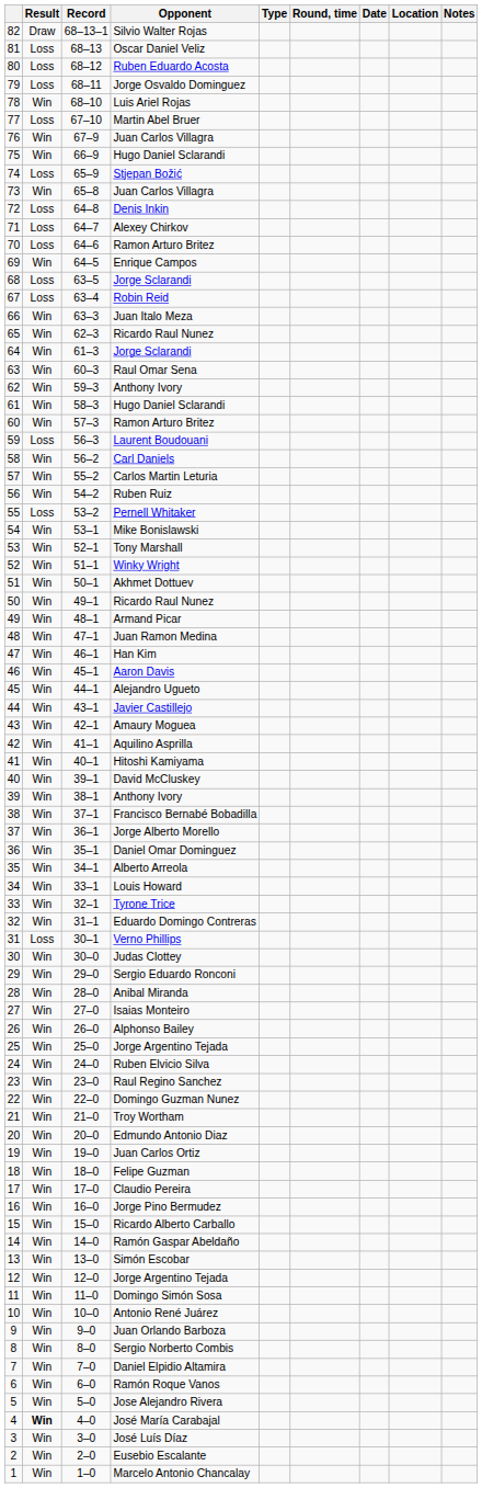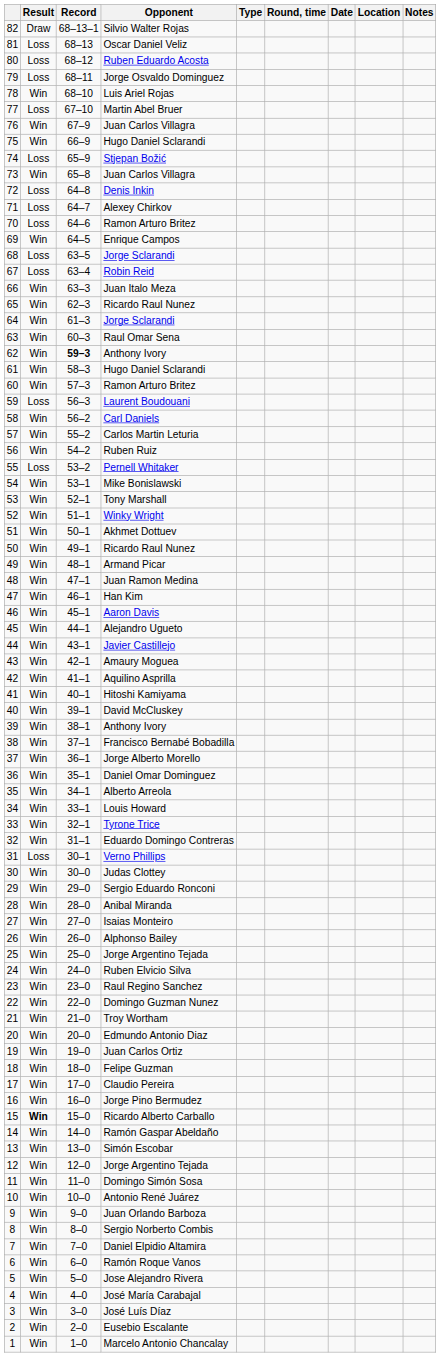 <table class=wikitable style=text-align:center>
 <tr>
 <th></th>
 <th>Result</th>
 <th>Record</th>
 <th>Opponent</th>
 <th>Type</th>
 <th>Round, time</th>
 <th>Date</th>
 <th>Location</th>
 <th>Notes</th>
 </tr>
 <tr>
 <td>82</td>
 <td>Draw</td>
 <td>68–13–1</td>
 <td align=left>Silvio Walter Rojas</td>
 <td></td>
 <td></td>
 <td></td>
 <td align=left></td>
 <td align=left></td>
 </tr>
 <tr>
 <td>81</td>
 <td>Loss</td>
 <td>68–13</td>
 <td align=left>Oscar Daniel Veliz</td>
 <td></td>
 <td></td>
 <td></td>
 <td align=left></td>
 <td align=left></td>
 </tr>
 <tr>
 <td>80</td>
 <td>Loss</td>
 <td>68–12</td>
 <td align=left><a href='#'>Ruben Eduardo Acosta</a></td>
 <td></td>
 <td></td>
 <td></td>
 <td align=left></td>
 <td align=left></td>
 </tr>
 <tr>
 <td>79</td>
 <td>Loss</td>
 <td>68–11</td>
 <td align=left>Jorge Osvaldo Dominguez</td>
 <td></td>
 <td></td>
 <td></td>
 <td align=left></td>
 <td align=left></td>
 </tr>
 <tr>
 <td>78</td>
 <td>Win</td>
 <td>68–10</td>
 <td align=left>Luis Ariel Rojas</td>
 <td></td>
 <td></td>
 <td></td>
 <td align=left></td>
 <td align=left></td>
 </tr>
 <tr>
 <td>77</td>
 <td>Loss</td>
 <td>67–10</td>
 <td align=left>Martin Abel Bruer</td>
 <td></td>
 <td></td>
 <td></td>
 <td align=left></td>
 <td align=left></td>
 </tr>
 <tr>
 <td>76</td>
 <td>Win</td>
 <td>67–9</td>
 <td align=left>Juan Carlos Villagra</td>
 <td></td>
 <td></td>
 <td></td>
 <td align=left></td>
 <td align=left></td>
 </tr>
 <tr>
 <td>75</td>
 <td>Win</td>
 <td>66–9</td>
 <td align=left>Hugo Daniel Sclarandi</td>
 <td></td>
 <td></td>
 <td></td>
 <td align=left></td>
 <td align=left></td>
 </tr>
 <tr>
 <td>74</td>
 <td>Loss</td>
 <td>65–9</td>
 <td align=left><a href='#'>Stjepan Božić</a></td>
 <td></td>
 <td></td>
 <td></td>
 <td align=left></td>
 <td align=left></td>
 </tr>
 <tr>
 <td>73</td>
 <td>Win</td>
 <td>65–8</td>
 <td align=left>Juan Carlos Villagra</td>
 <td></td>
 <td></td>
 <td></td>
 <td align=left></td>
 <td align=left></td>
 </tr>
 <tr>
 <td>72</td>
 <td>Loss</td>
 <td>64–8</td>
 <td align=left><a href='#'>Denis Inkin</a></td>
 <td></td>
 <td></td>
 <td></td>
 <td align=left></td>
 <td align=left></td>
 </tr>
 <tr>
 <td>71</td>
 <td>Loss</td>
 <td>64–7</td>
 <td align=left>Alexey Chirkov</td>
 <td></td>
 <td></td>
 <td></td>
 <td align=left></td>
 <td align=left></td>
 </tr>
 <tr>
 <td>70</td>
 <td>Loss</td>
 <td>64–6</td>
 <td align=left>Ramon Arturo Britez</td>
 <td></td>
 <td></td>
 <td></td>
 <td align=left></td>
 <td align=left></td>
 </tr>
 <tr>
 <td>69</td>
 <td>Win</td>
 <td>64–5</td>
 <td align=left>Enrique Campos</td>
 <td></td>
 <td></td>
 <td></td>
 <td align=left></td>
 <td align=left></td>
 </tr>
 <tr>
 <td>68</td>
 <td>Loss</td>
 <td>63–5</td>
 <td align=left><a href='#'>Jorge Sclarandi</a></td>
 <td></td>
 <td></td>
 <td></td>
 <td align=left></td>
 <td align=left></td>
 </tr>
 <tr>
 <td>67</td>
 <td>Loss</td>
 <td>63–4</td>
 <td align=left><a href='#'>Robin Reid</a></td>
 <td></td>
 <td></td>
 <td></td>
 <td align=left></td>
 <td align=left></td>
 </tr>
 <tr>
 <td>66</td>
 <td>Win</td>
 <td>63–3</td>
 <td align=left>Juan Italo Meza</td>
 <td></td>
 <td></td>
 <td></td>
 <td align=left></td>
 <td align=left></td>
 </tr>
 <tr>
 <td>65</td>
 <td>Win</td>
 <td>62–3</td>
 <td align=left>Ricardo Raul Nunez</td>
 <td></td>
 <td></td>
 <td></td>
 <td align=left></td>
 <td align=left></td>
 </tr>
 <tr>
 <td>64</td>
 <td>Win</td>
 <td>61–3</td>
 <td align=left><a href='#'>Jorge Sclarandi</a></td>
 <td></td>
 <td></td>
 <td></td>
 <td align=left></td>
 <td align=left></td>
 </tr>
 <tr>
 <td>63</td>
 <td>Win</td>
 <td>60–3</td>
 <td align=left>Raul Omar Sena</td>
 <td></td>
 <td></td>
 <td></td>
 <td align=left></td>
 <td align=left></td>
 </tr>
 <tr>
 <td>62</td>
 <td>Win</td>
-<td>59–3</td>
+<td><strong>59–3</strong></td>
 <td align=left>Anthony Ivory</td>
 <td></td>
 <td></td>
 <td></td>
 <td align=left></td>
 <td align=left></td>
 </tr>
 <tr>
 <td>61</td>
 <td>Win</td>
 <td>58–3</td>
 <td align=left>Hugo Daniel Sclarandi</td>
 <td></td>
 <td></td>
 <td></td>
 <td align=left></td>
 <td align=left></td>
 </tr>
 <tr>
 <td>60</td>
 <td>Win</td>
 <td>57–3</td>
 <td align=left>Ramon Arturo Britez</td>
 <td></td>
 <td></td>
 <td></td>
 <td align=left></td>
 <td align=left></td>
 </tr>
 <tr>
 <td>59</td>
 <td>Loss</td>
 <td>56–3</td>
 <td align=left><a href='#'>Laurent Boudouani</a></td>
 <td></td>
 <td></td>
 <td></td>
 <td align=left></td>
 <td align=left></td>
 </tr>
 <tr>
 <td>58</td>
 <td>Win</td>
 <td>56–2</td>
 <td align=left><a href='#'>Carl Daniels</a></td>
 <td></td>
 <td></td>
 <td></td>
 <td align=left></td>
 <td align=left></td>
 </tr>
 <tr>
 <td>57</td>
 <td>Win</td>
 <td>55–2</td>
 <td align=left>Carlos Martin Leturia</td>
 <td></td>
 <td></td>
 <td></td>
 <td align=left></td>
 <td align=left></td>
 </tr>
 <tr>
 <td>56</td>
 <td>Win</td>
 <td>54–2</td>
 <td align=left>Ruben Ruiz</td>
 <td></td>
 <td></td>
 <td></td>
 <td align=left></td>
 <td align=left></td>
 </tr>
 <tr>
 <td>55</td>
 <td>Loss</td>
 <td>53–2</td>
 <td align=left><a href='#'>Pernell Whitaker</a></td>
 <td></td>
 <td></td>
 <td></td>
 <td align=left></td>
 <td align=left></td>
 </tr>
 <tr>
 <td>54</td>
 <td>Win</td>
 <td>53–1</td>
 <td align=left>Mike Bonislawski</td>
 <td></td>
 <td></td>
 <td></td>
 <td align=left></td>
 <td align=left></td>
 </tr>
 <tr>
 <td>53</td>
 <td>Win</td>
 <td>52–1</td>
 <td align=left>Tony Marshall</td>
 <td></td>
 <td></td>
 <td></td>
 <td align=left></td>
 <td align=left></td>
 </tr>
 <tr>
 <td>52</td>
 <td>Win</td>
 <td>51–1</td>
 <td align=left><a href='#'>Winky Wright</a></td>
 <td></td>
 <td></td>
 <td></td>
 <td align=left></td>
 <td align=left></td>
 </tr>
 <tr>
 <td>51</td>
 <td>Win</td>
 <td>50–1</td>
 <td align=left>Akhmet Dottuev</td>
 <td></td>
 <td></td>
 <td></td>
 <td align=left></td>
 <td align=left></td>
 </tr>
 <tr>
 <td>50</td>
 <td>Win</td>
 <td>49–1</td>
 <td align=left>Ricardo Raul Nunez</td>
 <td></td>
 <td></td>
 <td></td>
 <td align=left></td>
 <td align=left></td>
 </tr>
 <tr>
 <td>49</td>
 <td>Win</td>
 <td>48–1</td>
 <td align=left>Armand Picar</td>
 <td></td>
 <td></td>
 <td></td>
 <td align=left></td>
 <td align=left></td>
 </tr>
 <tr>
 <td>48</td>
 <td>Win</td>
 <td>47–1</td>
 <td align=left>Juan Ramon Medina</td>
 <td></td>
 <td></td>
 <td></td>
 <td align=left></td>
 <td align=left></td>
 </tr>
 <tr>
 <td>47</td>
 <td>Win</td>
 <td>46–1</td>
 <td align=left>Han Kim</td>
 <td></td>
 <td></td>
 <td></td>
 <td align=left></td>
 <td align=left></td>
 </tr>
 <tr>
 <td>46</td>
 <td>Win</td>
 <td>45–1</td>
 <td align=left><a href='#'>Aaron Davis</a></td>
 <td></td>
 <td></td>
 <td></td>
 <td align=left></td>
 <td align=left></td>
 </tr>
 <tr>
 <td>45</td>
 <td>Win</td>
 <td>44–1</td>
 <td align=left>Alejandro Ugueto</td>
 <td></td>
 <td></td>
 <td></td>
 <td align=left></td>
 <td align=left></td>
 </tr>
 <tr>
 <td>44</td>
 <td>Win</td>
 <td>43–1</td>
 <td align=left><a href='#'>Javier Castillejo</a></td>
 <td></td>
 <td></td>
 <td></td>
 <td align=left></td>
 <td align=left></td>
 </tr>
 <tr>
 <td>43</td>
 <td>Win</td>
 <td>42–1</td>
 <td align=left>Amaury Moguea</td>
 <td></td>
 <td></td>
 <td></td>
 <td align=left></td>
 <td align=left></td>
 </tr>
 <tr>
 <td>42</td>
 <td>Win</td>
 <td>41–1</td>
 <td align=left>Aquilino Asprilla</td>
 <td></td>
 <td></td>
 <td></td>
 <td align=left></td>
 <td align=left></td>
 </tr>
 <tr>
 <td>41</td>
 <td>Win</td>
 <td>40–1</td>
 <td align=left>Hitoshi Kamiyama</td>
 <td></td>
 <td></td>
 <td></td>
 <td align=left></td>
 <td align=left></td>
 </tr>
 <tr>
 <td>40</td>
 <td>Win</td>
 <td>39–1</td>
 <td align=left>David McCluskey</td>
 <td></td>
 <td></td>
 <td></td>
 <td align=left></td>
 <td align=left></td>
 </tr>
 <tr>
 <td>39</td>
 <td>Win</td>
 <td>38–1</td>
 <td align=left>Anthony Ivory</td>
 <td></td>
 <td></td>
 <td></td>
 <td align=left></td>
 <td align=left></td>
 </tr>
 <tr>
 <td>38</td>
 <td>Win</td>
 <td>37–1</td>
 <td align=left>Francisco Bernabé Bobadilla</td>
 <td></td>
 <td></td>
 <td></td>
 <td align=left></td>
 <td align=left></td>
 </tr>
 <tr>
 <td>37</td>
 <td>Win</td>
 <td>36–1</td>
 <td align=left>Jorge Alberto Morello</td>
 <td></td>
 <td></td>
 <td></td>
 <td align=left></td>
 <td align=left></td>
 </tr>
 <tr>
 <td>36</td>
 <td>Win</td>
 <td>35–1</td>
 <td align=left>Daniel Omar Dominguez</td>
 <td></td>
 <td></td>
 <td></td>
 <td align=left></td>
 <td align=left></td>
 </tr>
 <tr>
 <td>35</td>
 <td>Win</td>
 <td>34–1</td>
 <td align=left>Alberto Arreola</td>
 <td></td>
 <td></td>
 <td></td>
 <td align=left></td>
 <td align=left></td>
 </tr>
 <tr>
 <td>34</td>
 <td>Win</td>
 <td>33–1</td>
 <td align=left>Louis Howard</td>
 <td></td>
 <td></td>
 <td></td>
 <td align=left></td>
 <td align=left></td>
 </tr>
 <tr>
 <td>33</td>
 <td>Win</td>
 <td>32–1</td>
 <td align=left><a href='#'>Tyrone Trice</a></td>
 <td></td>
 <td></td>
 <td></td>
 <td align=left></td>
 <td align=left></td>
 </tr>
 <tr>
 <td>32</td>
 <td>Win</td>
 <td>31–1</td>
 <td align=left>Eduardo Domingo Contreras</td>
 <td></td>
 <td></td>
 <td></td>
 <td align=left></td>
 <td align=left></td>
 </tr>
 <tr>
 <td>31</td>
 <td>Loss</td>
 <td>30–1</td>
 <td align=left><a href='#'>Verno Phillips</a></td>
 <td></td>
 <td></td>
 <td></td>
 <td align=left></td>
 <td align=left></td>
 </tr>
 <tr>
 <td>30</td>
 <td>Win</td>
 <td>30–0</td>
 <td align=left>Judas Clottey</td>
 <td></td>
 <td></td>
 <td></td>
 <td align=left></td>
 <td align=left></td>
 </tr>
 <tr>
 <td>29</td>
 <td>Win</td>
 <td>29–0</td>
 <td align=left>Sergio Eduardo Ronconi</td>
 <td></td>
 <td></td>
 <td></td>
 <td align=left></td>
 <td align=left></td>
 </tr>
 <tr>
 <td>28</td>
 <td>Win</td>
 <td>28–0</td>
 <td align=left>Anibal Miranda</td>
 <td></td>
 <td></td>
 <td></td>
 <td align=left></td>
 <td align=left></td>
 </tr>
 <tr>
 <td>27</td>
 <td>Win</td>
 <td>27–0</td>
 <td align=left>Isaias Monteiro</td>
 <td></td>
 <td></td>
 <td></td>
 <td align=left></td>
 <td align=left></td>
 </tr>
 <tr>
 <td>26</td>
 <td>Win</td>
 <td>26–0</td>
 <td align=left>Alphonso Bailey</td>
 <td></td>
 <td></td>
 <td></td>
 <td align=left></td>
 <td align=left></td>
 </tr>
 <tr>
 <td>25</td>
 <td>Win</td>
 <td>25–0</td>
 <td align=left>Jorge Argentino Tejada</td>
 <td></td>
 <td></td>
 <td></td>
 <td align=left></td>
 <td align=left></td>
 </tr>
 <tr>
 <td>24</td>
 <td>Win</td>
 <td>24–0</td>
 <td align=left>Ruben Elvicio Silva</td>
 <td></td>
 <td></td>
 <td></td>
 <td align=left></td>
 <td align=left></td>
 </tr>
 <tr>
 <td>23</td>
 <td>Win</td>
 <td>23–0</td>
 <td align=left>Raul Regino Sanchez</td>
 <td></td>
 <td></td>
 <td></td>
 <td align=left></td>
 <td align=left></td>
 </tr>
 <tr>
 <td>22</td>
 <td>Win</td>
 <td>22–0</td>
 <td align=left>Domingo Guzman Nunez</td>
 <td></td>
 <td></td>
 <td></td>
 <td align=left></td>
 <td align=left></td>
 </tr>
 <tr>
 <td>21</td>
 <td>Win</td>
 <td>21–0</td>
 <td align=left>Troy Wortham</td>
 <td></td>
 <td></td>
 <td></td>
 <td align=left></td>
 <td align=left></td>
 </tr>
 <tr>
 <td>20</td>
 <td>Win</td>
 <td>20–0</td>
 <td align=left>Edmundo Antonio Diaz</td>
 <td></td>
 <td></td>
 <td></td>
 <td align=left></td>
 <td align=left></td>
 </tr>
 <tr>
 <td>19</td>
 <td>Win</td>
 <td>19–0</td>
 <td align=left>Juan Carlos Ortiz</td>
 <td></td>
 <td></td>
 <td></td>
 <td align=left></td>
 <td align=left></td>
 </tr>
 <tr>
 <td>18</td>
 <td>Win</td>
 <td>18–0</td>
 <td align=left>Felipe Guzman</td>
 <td></td>
 <td></td>
 <td></td>
 <td align=left></td>
 <td align=left></td>
 </tr>
 <tr>
 <td>17</td>
 <td>Win</td>
 <td>17–0</td>
 <td align=left>Claudio Pereira</td>
 <td></td>
 <td></td>
 <td></td>
 <td align=left></td>
 <td align=left></td>
 </tr>
 <tr>
 <td>16</td>
 <td>Win</td>
 <td>16–0</td>
 <td align=left>Jorge Pino Bermudez</td>
 <td></td>
 <td></td>
 <td></td>
 <td align=left></td>
 <td align=left></td>
 </tr>
 <tr>
 <td>15</td>
-<td>Win</td>
+<td><strong>Win</strong></td>
 <td>15–0</td>
 <td align=left>Ricardo Alberto Carballo</td>
 <td></td>
 <td></td>
 <td></td>
 <td align=left></td>
 <td align=left></td>
 </tr>
 <tr>
 <td>14</td>
 <td>Win</td>
 <td>14–0</td>
 <td align=left>Ramón Gaspar Abeldaño</td>
 <td></td>
 <td></td>
 <td></td>
 <td align=left></td>
 <td align=left></td>
 </tr>
 <tr>
 <td>13</td>
 <td>Win</td>
 <td>13–0</td>
 <td align=left>Simón Escobar</td>
 <td></td>
 <td></td>
 <td></td>
 <td align=left></td>
 <td align=left></td>
 </tr>
 <tr>
 <td>12</td>
 <td>Win</td>
 <td>12–0</td>
 <td align=left>Jorge Argentino Tejada</td>
 <td></td>
 <td></td>
 <td></td>
 <td align=left></td>
 <td align=left></td>
 </tr>
 <tr>
 <td>11</td>
 <td>Win</td>
 <td>11–0</td>
 <td align=left>Domingo Simón Sosa</td>
 <td></td>
 <td></td>
 <td></td>
 <td align=left></td>
 <td align=left></td>
 </tr>
 <tr>
 <td>10</td>
 <td>Win</td>
 <td>10–0</td>
 <td align=left>Antonio René Juárez</td>
 <td></td>
 <td></td>
 <td></td>
 <td align=left></td>
 <td align=left></td>
 </tr>
 <tr>
 <td>9</td>
 <td>Win</td>
 <td>9–0</td>
 <td align=left>Juan Orlando Barboza</td>
 <td></td>
 <td></td>
 <td></td>
 <td align=left></td>
 <td align=left></td>
 </tr>
 <tr>
 <td>8</td>
 <td>Win</td>
 <td>8–0</td>
 <td align=left>Sergio Norberto Combis</td>
 <td></td>
 <td></td>
 <td></td>
 <td align=left></td>
 <td align=left></td>
 </tr>
 <tr>
 <td>7</td>
 <td>Win</td>
 <td>7–0</td>
 <td align=left>Daniel Elpidio Altamira</td>
 <td></td>
 <td></td>
 <td></td>
 <td align=left></td>
 <td align=left></td>
 </tr>
 <tr>
 <td>6</td>
 <td>Win</td>
 <td>6–0</td>
 <td align=left>Ramón Roque Vanos</td>
 <td></td>
 <td></td>
 <td></td>
 <td align=left></td>
 <td align=left></td>
 </tr>
 <tr>
 <td>5</td>
 <td>Win</td>
 <td>5–0</td>
 <td align=left>Jose Alejandro Rivera</td>
 <td></td>
 <td></td>
 <td></td>
 <td align=left></td>
 <td align=left></td>
 </tr>
 <tr>
 <td>4</td>
-<td><strong>Win</strong></td>
+<td>Win</td>
 <td>4–0</td>
 <td align=left>José María Carabajal</td>
 <td></td>
 <td></td>
 <td></td>
 <td align=left></td>
 <td align=left></td>
 </tr>
 <tr>
 <td>3</td>
 <td>Win</td>
 <td>3–0</td>
 <td align=left>José Luís Díaz</td>
 <td></td>
 <td></td>
 <td></td>
 <td align=left></td>
 <td align=left></td>
 </tr>
 <tr>
 <td>2</td>
 <td>Win</td>
 <td>2–0</td>
 <td align=left>Eusebio Escalante</td>
 <td></td>
 <td></td>
 <td></td>
 <td align=left></td>
 <td align=left></td>
 </tr>
 <tr>
 <td>1</td>
 <td>Win</td>
 <td>1–0</td>
 <td align=left>Marcelo Antonio Chancalay</td>
 <td></td>
 <td></td>
 <td></td>
 <td align=left></td>
 <td align=left></td>
 </tr>
 </table>
